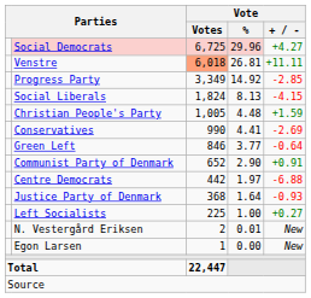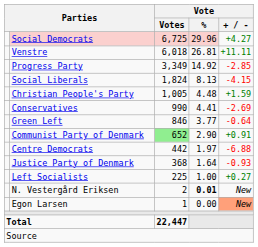 <table class="wikitable" style="text-align:right;">
 <tr>
 <th style="text-align:centre;" rowspan="2" colspan="2" width="225">Parties</th>
 <th colspan="3">Vote</th>
 </tr>
 <tr>
 <th width="15">Votes</th>
 <th width="15">%</th>
 <th width="15">+ / -</th>
 </tr>
 <tr>
 <td width="2" style="color:inherit;background:"></td>
 <td bgcolor=#fbd0ce  align="left"><a href='#'>Social Democrats</a></td>
 <td bgcolor=#fbd0ce>6,725</td>
 <td bgcolor=#fbd0ce>29.96</td>
 <td style=color:green;>+4.27</td>
 </tr>
 <tr>
 <td width="2" style="color:inherit;background:"></td>
 <td align="left"><a href='#'>Venstre</a></td>
-<td style="background: lightsalmon;">6,018</td>
+<td>6,018</td>
 <td>26.81</td>
 <td style=color:green;>+11.11</td>
 </tr>
 <tr>
 <td width="2" style="color:inherit;background:"></td>
 <td align="left"><a href='#'>Progress Party</a></td>
 <td>3,349</td>
 <td>14.92</td>
 <td style=color:red;>-2.85</td>
 </tr>
 <tr>
 <td width="2" style="color:inherit;background:"></td>
 <td align="left"><a href='#'>Social Liberals</a></td>
 <td>1,824</td>
 <td>8.13</td>
 <td style=color:red;>-4.15</td>
 </tr>
 <tr>
 <td width="2" style="color:inherit;background:"></td>
 <td align="left"><a href='#'>Christian People's Party</a></td>
 <td>1,005</td>
 <td>4.48</td>
 <td style=color:green;>+1.59</td>
 </tr>
 <tr>
 <td width="2" style="color:inherit;background:"></td>
 <td align="left"><a href='#'>Conservatives</a></td>
 <td>990</td>
 <td>4.41</td>
 <td style=color:red;>-2.69</td>
 </tr>
 <tr>
 <td width="2" style="color:inherit;background:"></td>
 <td align="left"><a href='#'>Green Left</a></td>
 <td>846</td>
 <td>3.77</td>
 <td style=color:red;>-0.64</td>
 </tr>
 <tr>
 <td width="2" style="color:inherit;background:"></td>
 <td align="left"><a href='#'>Communist Party of Denmark</a></td>
-<td>652</td>
+<td style="background: lightgreen;">652</td>
 <td>2.90</td>
 <td style=color:green;>+0.91</td>
 </tr>
 <tr>
 <td width="2" style="color:inherit;background:"></td>
 <td align="left"><a href='#'>Centre Democrats</a></td>
 <td>442</td>
 <td>1.97</td>
 <td style=color:red;>-6.88</td>
 </tr>
 <tr>
 <td width="2" style="color:inherit;background:"></td>
 <td align="left"><a href='#'>Justice Party of Denmark</a></td>
 <td>368</td>
 <td>1.64</td>
 <td style=color:red;>-0.93</td>
 </tr>
 <tr>
 <td width="2" style="color:inherit;background:"></td>
 <td align="left"><a href='#'>Left Socialists</a></td>
 <td>225</td>
 <td>1.00</td>
 <td style=color:green;>+0.27</td>
 </tr>
 <tr>
 <td width="2" style="color:inherit;background:"></td>
 <td align="left">N. Vestergård Eriksen</td>
 <td>2</td>
-<td>0.01</td>
+<td><strong>0.01</strong></td>
 <td><em>New</em></td>
 </tr>
 <tr>
 <td width="2" style="color:inherit;background:"></td>
 <td align="left">Egon Larsen</td>
 <td>1</td>
 <td>0.00</td>
-<td><em>New</em></td>
+<td style="background: lightsalmon;"><em>New</em></td>
 </tr>
 <tr>
 <td colspan="7" bgcolor="#E9E9E9"></td>
 </tr>
 <tr>
 <td align="left" colspan="2"><strong>Total</strong></td>
 <td><strong>22,447</strong></td>
 <td bgcolor="#E9E9E9" colspan="2"></td>
 </tr>
 <tr>
 <td align="left" colspan="6">Source</td>
 </tr>
 </table>
